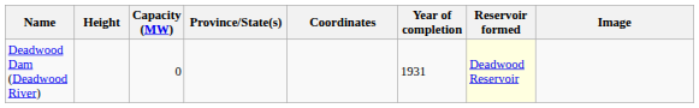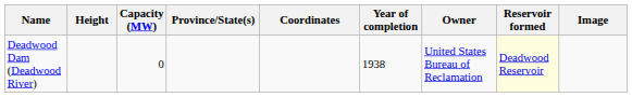 <table class="wikitable sortable" border="1">
 <tr>
 <th width="10%">Name</th>
 <th width="8%">Height</th>
 <th width="8%">Capacity (<a href='#'>MW</a>)</th>
 <th width="15%">Province/State(s)</th>
 <th width="16%">Coordinates</th>
 <th width="10%">Year of completion</th>
+<th width="12%">Owner</th>
 <th width="10%">Reservoir formed</th>
 <th>Image</th>
 </tr>
 <tr>
 <td><a href='#'>Deadwood Dam</a> (<a href='#'>Deadwood River</a>)</td>
 <td></td>
 <td align="right">0</td>
 <td></td>
 <td></td>
-<td>1931</td>
+<td>1938</td>
+<td><a href='#'>United States Bureau of Reclamation</a></td>
 <td style="background: lightyellow;"><a href='#'>Deadwood Reservoir</a></td>
 <td></td>
 </tr>
 </table>
